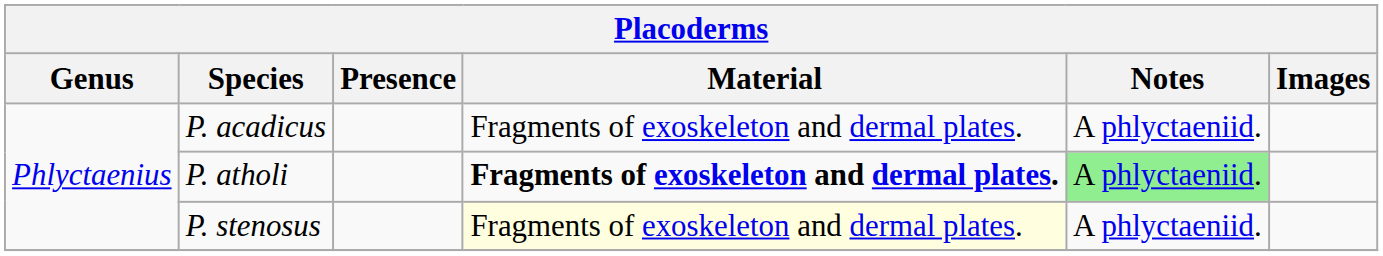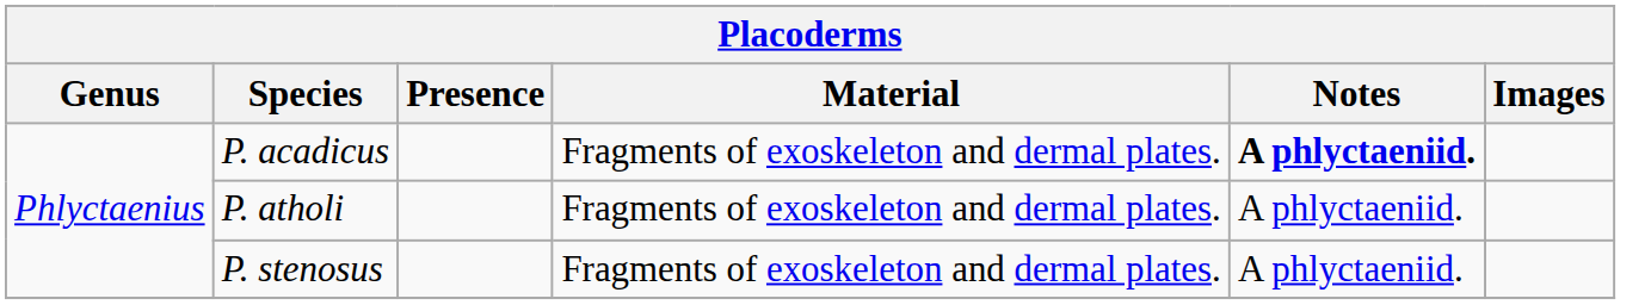 <table class="wikitable" align="center">
 <tr>
 <th colspan="6" align="center"><strong><a href='#'>Placoderms</a></strong></th>
 </tr>
 <tr>
 <th>Genus</th>
 <th>Species</th>
 <th>Presence</th>
 <th><strong>Material</strong></th>
 <th>Notes</th>
 <th>Images</th>
 </tr>
 <tr>
 <td rowspan=3><em><a href='#'>Phlyctaenius</a></em></td>
 <td><em>P. acadicus</em></td>
 <td></td>
 <td>Fragments of <a href='#'>exoskeleton</a> and <a href='#'>dermal plates</a>.</td>
-<td>A <a href='#'>phlyctaeniid</a>.</td>
+<td><strong>A <a href='#'>phlyctaeniid</a>.</strong></td>
 <td></td>
 </tr>
 <tr>
 <td><em>P. atholi</em></td>
 <td></td>
-<td><strong>Fragments of <a href='#'>exoskeleton</a> and <a href='#'>dermal plates</a>.</strong></td>
-<td style="background: lightgreen;">A <a href='#'>phlyctaeniid</a>.</td>
+<td>Fragments of <a href='#'>exoskeleton</a> and <a href='#'>dermal plates</a>.</td>
+<td>A <a href='#'>phlyctaeniid</a>.</td>
 <td></td>
 </tr>
 <tr>
 <td><em>P. stenosus</em></td>
 <td></td>
-<td style="background: lightyellow;">Fragments of <a href='#'>exoskeleton</a> and <a href='#'>dermal plates</a>.</td>
+<td>Fragments of <a href='#'>exoskeleton</a> and <a href='#'>dermal plates</a>.</td>
 <td>A <a href='#'>phlyctaeniid</a>.</td>
 <td></td>
 </tr>
 <tr>
 </tr>
 </table>
